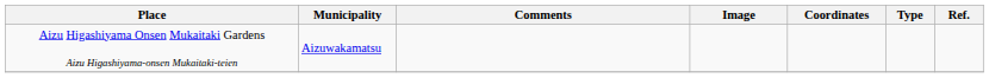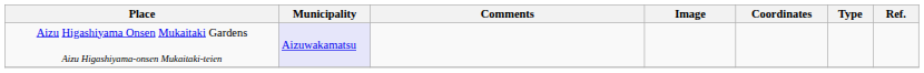 <table class="wikitable sortable"  style="width:100%;">
 <tr>
 <th width="30%" align="left">Place</th>
 <th width="10%" align="left">Municipality</th>
 <th width="30%" align="left" class="unsortable">Comments</th>
 <th width="10%" align="left"  class="unsortable">Image</th>
 <th width="10%" align="left" class="unsortable">Coordinates</th>
 <th width="5%" align="left">Type</th>
 <th width="5%" align="left"  class="unsortable">Ref.</th>
 </tr>
 <tr>
 <td align="center"><a href='#'>Aizu</a> <a href='#'>Higashiyama Onsen</a> <a href='#'>Mukaitaki</a> Gardens<br><br><small><em>Aizu Higashiyama-onsen Mukaitaki-teien</em></small></td>
-<td><a href='#'>Aizuwakamatsu</a></td>
+<td style="background: lavender;"><a href='#'>Aizuwakamatsu</a></td>
 <td></td>
 <td></td>
 <td></td>
 <td></td>
 <td></td>
 </tr>
 <tr>
 </tr>
 </table>
